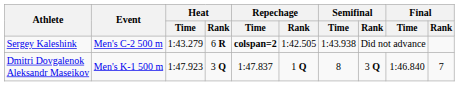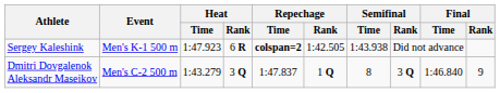 <table class=wikitable style=font-size:90%;text-align:center>
 <tr>
 <th rowspan=2>Athlete</th>
 <th rowspan=2>Event</th>
 <th colspan=2>Heat</th>
 <th colspan=2>Repechage</th>
 <th colspan=2>Semifinal</th>
 <th colspan=2>Final</th>
 </tr>
 <tr style=font-size:95%>
 <th>Time</th>
 <th>Rank</th>
 <th>Time</th>
 <th>Rank</th>
 <th>Time</th>
 <th>Rank</th>
 <th>Time</th>
 <th>Rank</th>
 </tr>
 <tr>
 <td align=left><a href='#'>Sergey Kaleshink</a></td>
-<td align=left><a href='#'>Men's C-2 500 m</a></td>
-<td>1:43.279</td>
+<td align=left><a href='#'>Men's K-1 500 m</a></td>
+<td>1:47.923</td>
 <td>6 <strong>R</strong></td>
 <td><strong>colspan=2 </strong></td>
 <td>1:42.505</td>
 <td>1:43.938</td>
 <td colspan=2>Did not advance</td>
 </tr>
 <tr>
 <td align=left><a href='#'>Dmitri Dovgalenok</a><br><a href='#'>Aleksandr Maseikov</a></td>
-<td align=left><a href='#'>Men's K-1 500 m</a></td>
-<td>1:47.923</td>
+<td align=left><a href='#'>Men's C-2 500 m</a></td>
+<td>1:43.279</td>
 <td>3 <strong>Q</strong></td>
 <td>1:47.837</td>
 <td>1 <strong>Q</strong></td>
 <td>8</td>
 <td>3 <strong>Q</strong></td>
 <td>1:46.840</td>
-<td>7</td>
+<td>9</td>
 </tr>
 </table>
